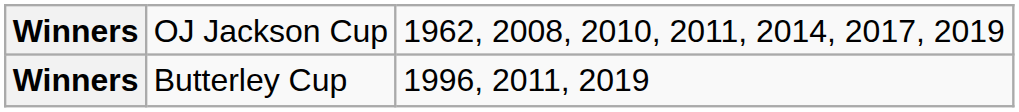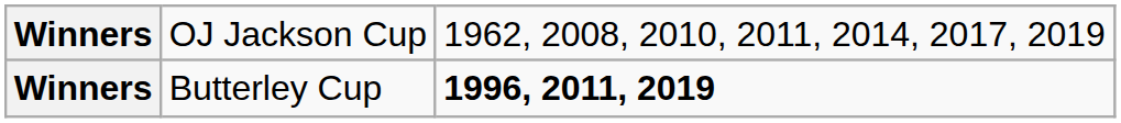 <table class="wikitable" style="font-size:85%;">
 <tr>
 <th scope="row">Winners</th>
 <td>OJ Jackson Cup</td>
 <td>1962, 2008, 2010, 2011, 2014, 2017, 2019</td>
 </tr>
 <tr>
 <th scope="row">Winners</th>
 <td>Butterley Cup</td>
-<td>1996, 2011, 2019</td>
+<td><strong>1996, 2011, 2019</strong></td>
 </tr>
 </table>
